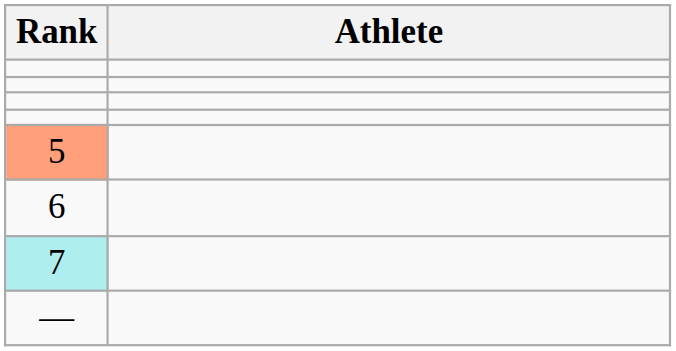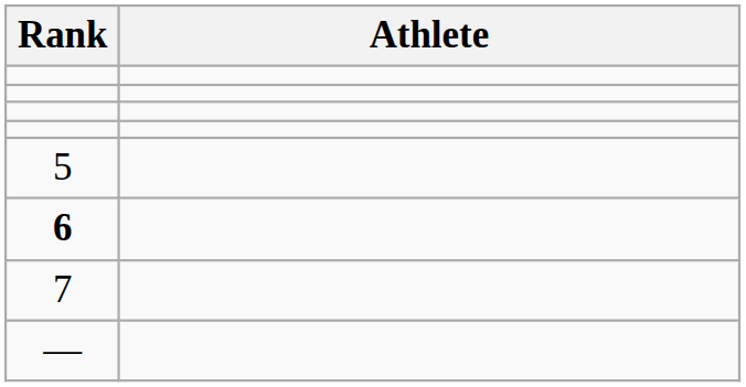 <table class="wikitable" style="text-align: center;">
 <tr>
 <th width=40>Rank</th>
 <th width=250>Athlete</th>
 </tr>
 <tr>
 <td></td>
 <td align=left></td>
 </tr>
 <tr>
 <td></td>
 <td align=left></td>
 </tr>
 <tr>
 <td></td>
 <td align=left></td>
 </tr>
 <tr>
 <td></td>
 <td align=left></td>
 </tr>
 <tr>
-<td style="background: lightsalmon;">5</td>
+<td>5</td>
 <td align=left></td>
 </tr>
 <tr>
-<td>6</td>
+<td><strong>6</strong></td>
 <td align=left></td>
 </tr>
 <tr>
-<td style="background: paleturquoise;">7</td>
+<td>7</td>
 <td align=left></td>
 </tr>
 <tr>
 <td>—</td>
 <td align=left></td>
 </tr>
 </table>
